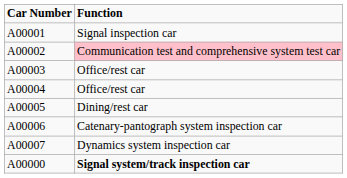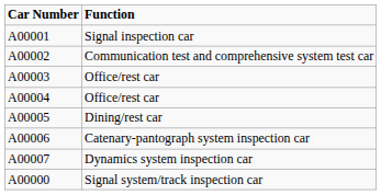 <table class="wikitable" style="font-size:100%;text-align: left;">
 <tr>
 <td><strong>Car Number</strong></td>
 <td><strong>Function</strong></td>
 </tr>
 <tr>
 <td>A00001</td>
 <td>Signal inspection car</td>
 </tr>
 <tr>
 <td>A00002</td>
-<td style="background: pink;">Communication test and comprehensive system test car</td>
+<td>Communication test and comprehensive system test car</td>
 </tr>
 <tr>
 <td>A00003</td>
 <td>Office/rest car</td>
 </tr>
 <tr>
 <td>A00004</td>
 <td>Office/rest car</td>
 </tr>
 <tr>
 <td>A00005</td>
 <td>Dining/rest car</td>
 </tr>
 <tr>
 <td>A00006</td>
 <td>Catenary-pantograph system inspection car</td>
 </tr>
 <tr>
 <td>A00007</td>
 <td>Dynamics system inspection car</td>
 </tr>
 <tr>
 <td>A00000</td>
-<td><strong>Signal system/track inspection car</strong></td>
+<td>Signal system/track inspection car</td>
 </tr>
 </table>
